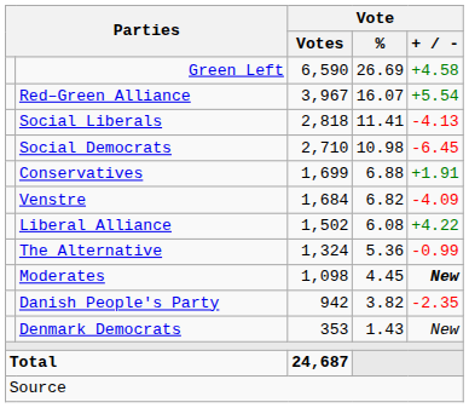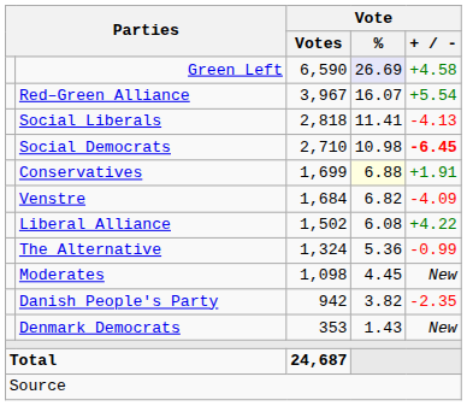 <table class="wikitable" style="text-align:right;">
 <tr>
 <th style="text-align:centre;" rowspan="2" colspan="2" width="225">Parties</th>
 <th colspan="3">Vote</th>
 </tr>
 <tr>
 <th width="15">Votes</th>
 <th width="15">%</th>
 <th width="15">+ / -</th>
 </tr>
 <tr>
 <td width=2 bgcolor=></td>
 <td><a href='#'>Green Left</a></td>
 <td>6,590</td>
-<td>26.69</td>
+<td style="background: lavender;">26.69</td>
 <td style=color:green;>+4.58</td>
 </tr>
 <tr>
 <td width=2 bgcolor=></td>
 <td align=left><a href='#'>Red–Green Alliance</a></td>
 <td>3,967</td>
 <td>16.07</td>
 <td style=color:green;>+5.54</td>
 </tr>
 <tr>
 <td width=2 bgcolor=></td>
 <td align=left><a href='#'>Social Liberals</a></td>
 <td>2,818</td>
 <td>11.41</td>
 <td style=color:red;>-4.13</td>
 </tr>
 <tr>
 <td width=2 bgcolor=></td>
 <td align=left><a href='#'>Social Democrats</a></td>
 <td>2,710</td>
 <td>10.98</td>
-<td style=color:red;>-6.45</td>
+<td style=color:red;><strong>-6.45</strong></td>
 </tr>
 <tr>
 <td width=2 bgcolor=></td>
 <td align=left><a href='#'>Conservatives</a></td>
 <td>1,699</td>
-<td>6.88</td>
+<td style="background: lightyellow;">6.88</td>
 <td style=color:green;>+1.91</td>
 </tr>
 <tr>
 <td width=2 bgcolor=></td>
 <td align=left><a href='#'>Venstre</a></td>
 <td>1,684</td>
 <td>6.82</td>
 <td style=color:red;>-4.09</td>
 </tr>
 <tr>
 <td width=2 bgcolor=></td>
 <td align=left><a href='#'>Liberal Alliance</a></td>
 <td>1,502</td>
 <td>6.08</td>
 <td style=color:green;>+4.22</td>
 </tr>
 <tr>
 <td width=2 bgcolor=></td>
 <td align=left><a href='#'>The Alternative</a></td>
 <td>1,324</td>
 <td>5.36</td>
 <td style=color:red;>-0.99</td>
 </tr>
 <tr>
 <td width=2 bgcolor=></td>
 <td align=left><a href='#'>Moderates</a></td>
 <td>1,098</td>
 <td>4.45</td>
-<td><strong><em>New</em></strong></td>
+<td><em>New</em></td>
 </tr>
 <tr>
 <td width=2 bgcolor=></td>
 <td align=left><a href='#'>Danish People's Party</a></td>
 <td>942</td>
 <td>3.82</td>
 <td style=color:red;>-2.35</td>
 </tr>
 <tr>
 <td width=2 bgcolor=></td>
 <td align=left><a href='#'>Denmark Democrats</a></td>
 <td>353</td>
 <td>1.43</td>
 <td><em>New</em></td>
 </tr>
 <tr>
 <td colspan="7" bgcolor="#E9E9E9"></td>
 </tr>
 <tr>
 <td align="left" colspan="2"><strong>Total</strong></td>
 <td><strong>24,687</strong></td>
 <td bgcolor=#E9E9E9 colspan=2></td>
 </tr>
 <tr>
 <td align="left" colspan="6">Source</td>
 </tr>
 </table>
